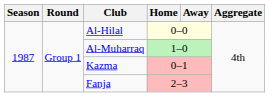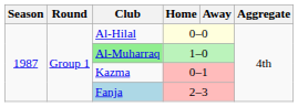 <table class="wikitable" style="text-align:left">
 <tr>
 <th>Season</th>
 <th>Round</th>
 <th>Club</th>
 <th>Home</th>
 <th>Away</th>
 <th>Aggregate</th>
 </tr>
 <tr>
 <td align="center"  rowspan="4"><a href='#'>1987</a></td>
 <td rowspan="4"><a href='#'>Group 1</a></td>
 <td> <a href='#'>Al-Hilal</a></td>
 <td align="center" colspan="2" style="background:#ffd;">0–0</td>
 <td style="text-align:center;" rowspan="4">4th</td>
 </tr>
 <tr>
-<td> <a href='#'>Al-Muharraq</a></td>
+<td style="background: lightgreen;"> <a href='#'>Al-Muharraq</a></td>
 <td align="center" colspan="2" style="background: #BBF3BB;">1–0</td>
 </tr>
 <tr>
 <td> <a href='#'>Kazma</a></td>
 <td align="center" colspan="2" style="background: #FFBBBB;">0–1</td>
 </tr>
 <tr>
-<td> <a href='#'>Fanja</a></td>
+<td style="background: lightblue;"> <a href='#'>Fanja</a></td>
 <td align="center" colspan="2" style="background: #FFBBBB;">2–3</td>
 </tr>
 </table>
